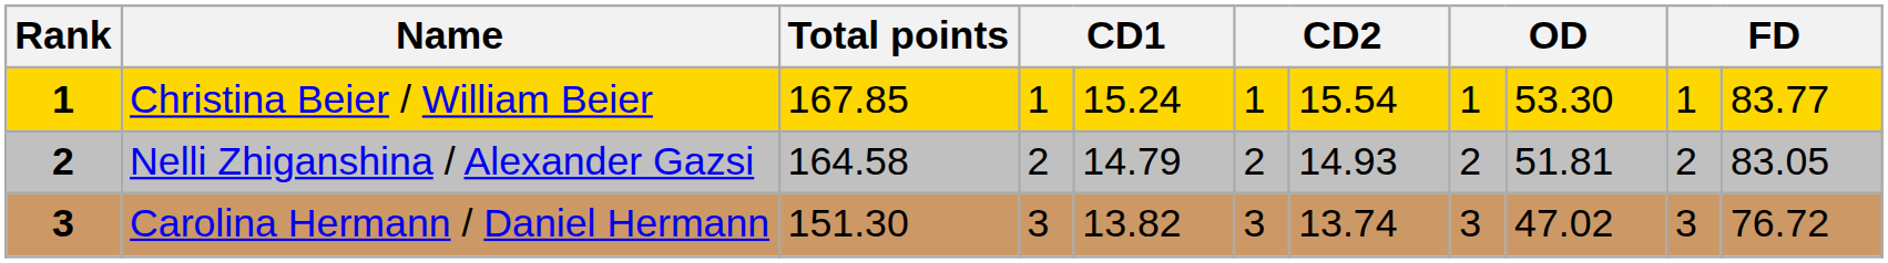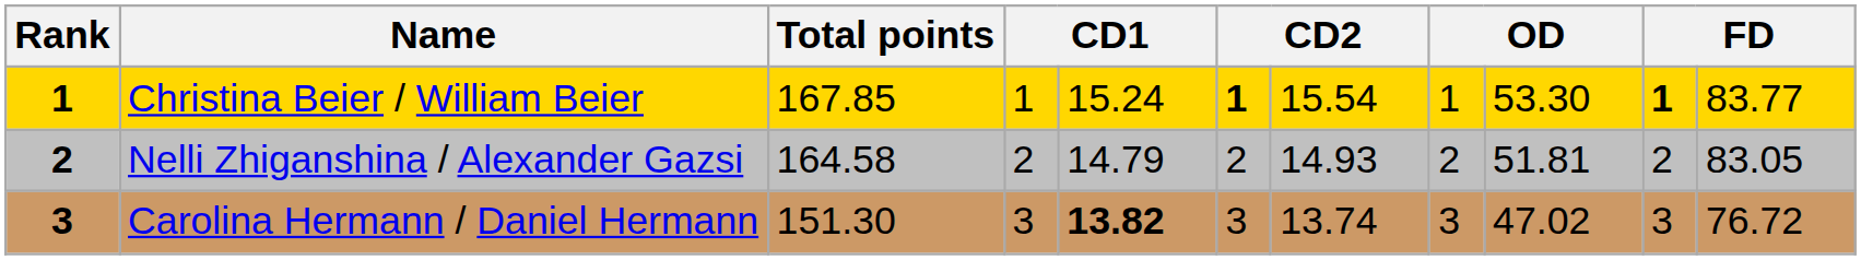 <table class="wikitable">
 <tr>
 <th>Rank</th>
 <th>Name</th>
 <th>Total points</th>
 <th colspan="2" width="80px">CD1</th>
 <th colspan="2" width="80px">CD2</th>
 <th colspan="2" width="80px">OD</th>
 <th colspan="2" width="80px">FD</th>
 </tr>
 <tr bgcolor="gold">
 <td align="center"><strong>1</strong></td>
 <td><a href='#'>Christina Beier</a> / <a href='#'>William Beier</a></td>
 <td>167.85</td>
 <td>1</td>
 <td>15.24</td>
-<td>1</td>
+<td><strong>1</strong></td>
 <td>15.54</td>
 <td>1</td>
 <td>53.30</td>
-<td>1</td>
+<td><strong>1</strong></td>
 <td>83.77</td>
 </tr>
 <tr bgcolor="silver">
 <td align="center"><strong>2</strong></td>
 <td><a href='#'>Nelli Zhiganshina</a> / <a href='#'>Alexander Gazsi</a></td>
 <td>164.58</td>
 <td>2</td>
 <td>14.79</td>
 <td>2</td>
 <td>14.93</td>
 <td>2</td>
 <td>51.81</td>
 <td>2</td>
 <td>83.05</td>
 </tr>
 <tr bgcolor="cc9966">
 <td align="center"><strong>3</strong></td>
 <td><a href='#'>Carolina Hermann</a> / <a href='#'>Daniel Hermann</a></td>
 <td>151.30</td>
 <td>3</td>
-<td>13.82</td>
+<td><strong>13.82</strong></td>
 <td>3</td>
 <td>13.74</td>
 <td>3</td>
 <td>47.02</td>
 <td>3</td>
 <td>76.72</td>
 </tr>
 </table>
